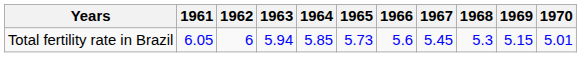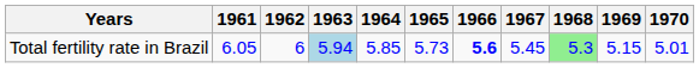 <table class="wikitable " style="text-align:right">
 <tr>
 <th>Years</th>
 <th>1961</th>
 <th>1962</th>
 <th>1963</th>
 <th>1964</th>
 <th>1965</th>
 <th>1966</th>
 <th>1967</th>
 <th>1968</th>
 <th>1969</th>
 <th>1970</th>
 </tr>
 <tr>
 <td align="left">Total fertility rate in Brazil</td>
 <td style="text-align:right; color:blue;">6.05</td>
 <td style="text-align:right; color:blue;">6</td>
-<td style="text-align:right; color:blue;">5.94</td>
+<td style="background: lightblue; text-align:right; color:blue;">5.94</td>
 <td style="text-align:right; color:blue;">5.85</td>
 <td style="text-align:right; color:blue;">5.73</td>
-<td style="text-align:right; color:blue;">5.6</td>
+<td style="text-align:right; color:blue;"><strong>5.6</strong></td>
 <td style="text-align:right; color:blue;">5.45</td>
-<td style="text-align:right; color:blue;">5.3</td>
+<td style="background: lightgreen; text-align:right; color:blue;">5.3</td>
 <td style="text-align:right; color:blue;">5.15</td>
 <td style="text-align:right; color:blue;">5.01</td>
 </tr>
 </table>
